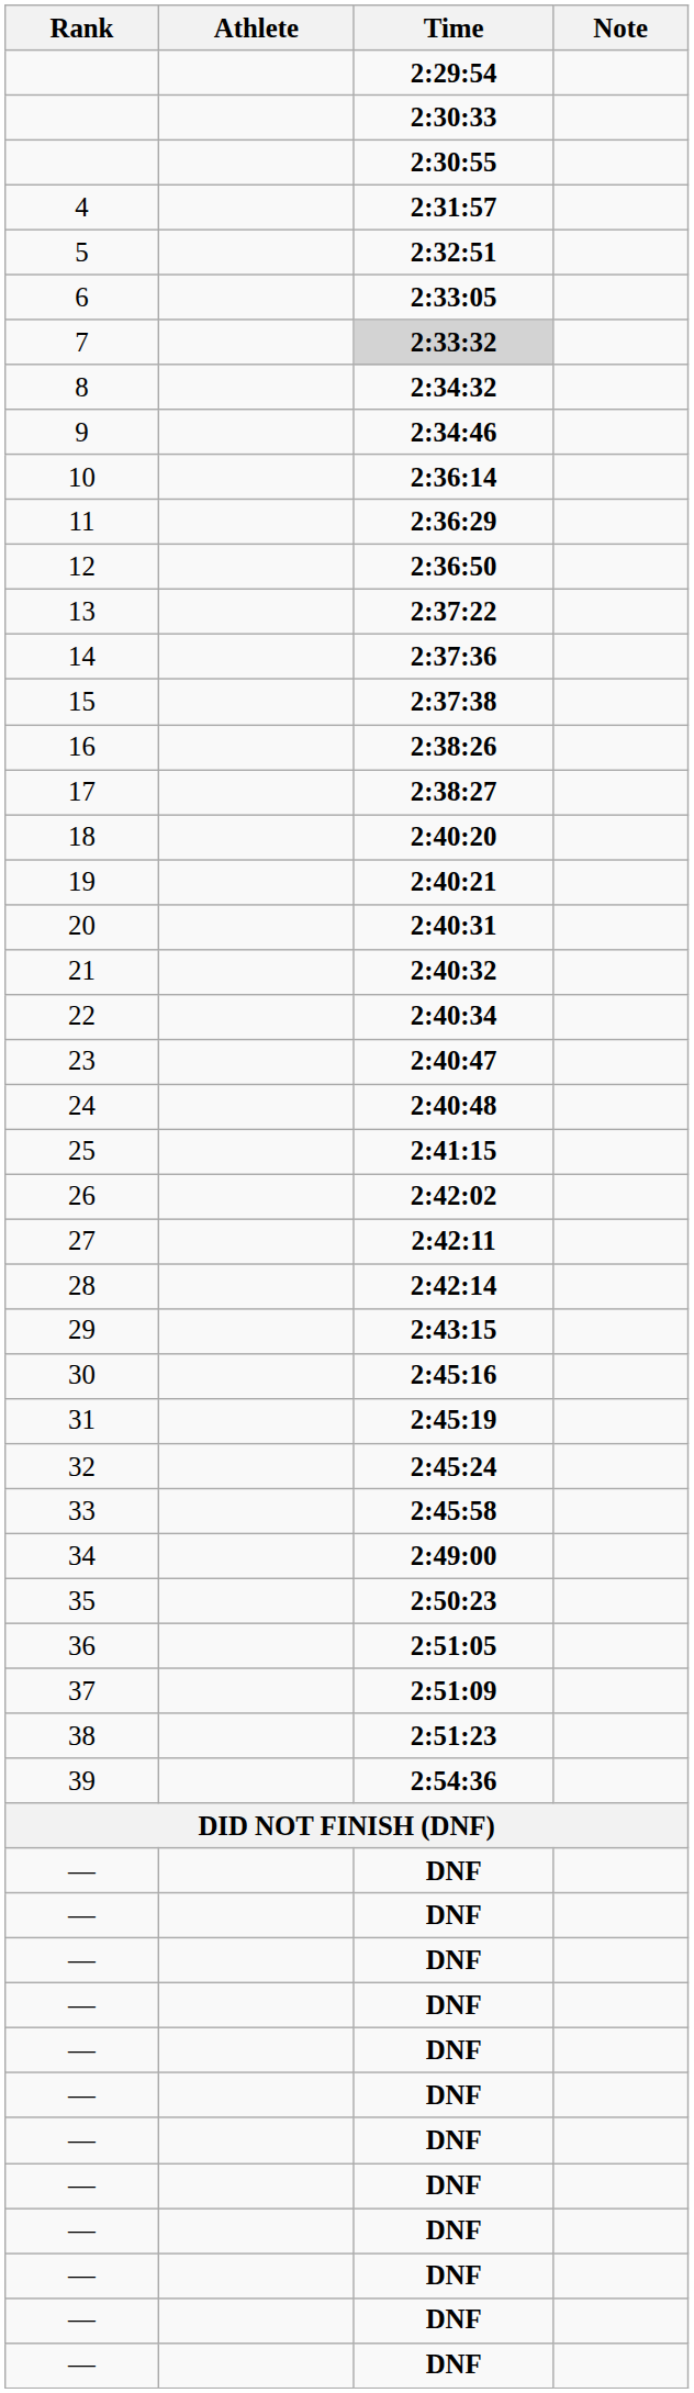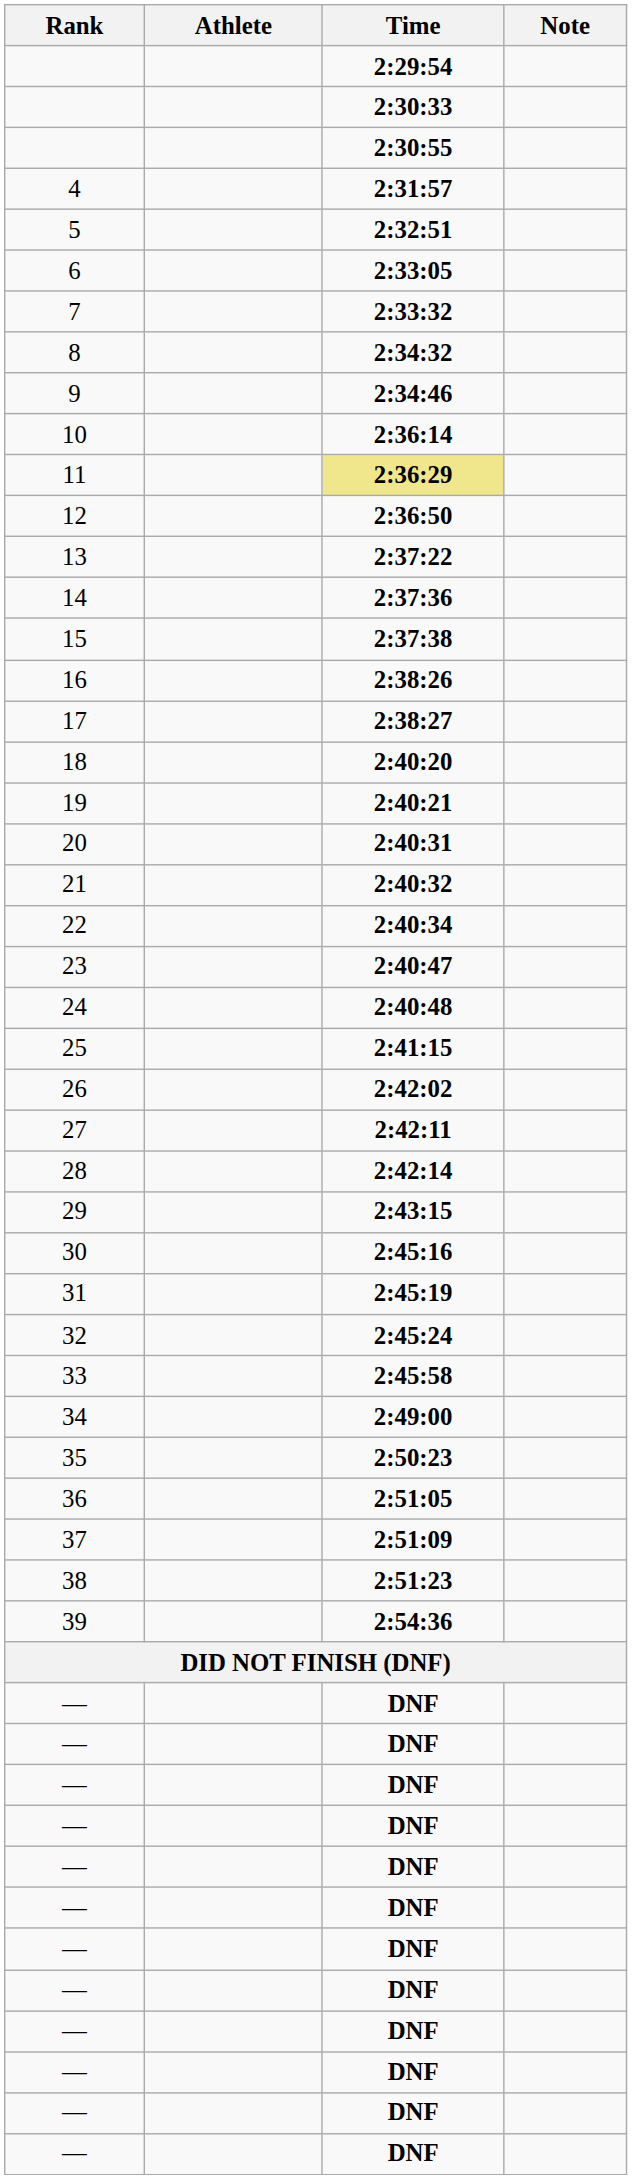 <table class="wikitable" style=" text-align:center; font-size:110%;" width="50%">
 <tr>
 <th>Rank</th>
 <th>Athlete</th>
 <th>Time</th>
 <th>Note</th>
 </tr>
 <tr>
 <td></td>
 <td align=left></td>
 <td><strong>2:29:54</strong></td>
 <td></td>
 </tr>
 <tr>
 <td></td>
 <td align=left></td>
 <td><strong>2:30:33</strong></td>
 <td></td>
 </tr>
 <tr>
 <td></td>
 <td align=left></td>
 <td><strong>2:30:55</strong></td>
 <td></td>
 </tr>
 <tr>
 <td>4</td>
 <td align=left></td>
 <td><strong>2:31:57</strong></td>
 <td></td>
 </tr>
 <tr>
 <td>5</td>
 <td align=left></td>
 <td><strong>2:32:51</strong></td>
 <td></td>
 </tr>
 <tr>
 <td>6</td>
 <td align=left></td>
 <td><strong>2:33:05</strong></td>
 <td></td>
 </tr>
 <tr>
 <td>7</td>
 <td align=left></td>
-<td style="background: lightgrey;"><strong>2:33:32</strong></td>
+<td><strong>2:33:32</strong></td>
 <td></td>
 </tr>
 <tr>
 <td>8</td>
 <td align=left></td>
 <td><strong>2:34:32</strong></td>
 <td></td>
 </tr>
 <tr>
 <td>9</td>
 <td align=left></td>
 <td><strong>2:34:46</strong></td>
 <td></td>
 </tr>
 <tr>
 <td>10</td>
 <td align=left></td>
 <td><strong>2:36:14</strong></td>
 <td></td>
 </tr>
 <tr>
 <td>11</td>
 <td align=left></td>
-<td><strong>2:36:29</strong></td>
+<td style="background: khaki;"><strong>2:36:29</strong></td>
 <td></td>
 </tr>
 <tr>
 <td>12</td>
 <td align=left></td>
 <td><strong>2:36:50</strong></td>
 <td></td>
 </tr>
 <tr>
 <td>13</td>
 <td align=left></td>
 <td><strong>2:37:22</strong></td>
 <td></td>
 </tr>
 <tr>
 <td>14</td>
 <td align=left></td>
 <td><strong>2:37:36</strong></td>
 <td></td>
 </tr>
 <tr>
 <td>15</td>
 <td align=left></td>
 <td><strong>2:37:38</strong></td>
 <td></td>
 </tr>
 <tr>
 <td>16</td>
 <td align=left></td>
 <td><strong>2:38:26</strong></td>
 <td></td>
 </tr>
 <tr>
 <td>17</td>
 <td align=left></td>
 <td><strong>2:38:27</strong></td>
 <td></td>
 </tr>
 <tr>
 <td>18</td>
 <td align=left></td>
 <td><strong>2:40:20</strong></td>
 <td></td>
 </tr>
 <tr>
 <td>19</td>
 <td align=left></td>
 <td><strong>2:40:21</strong></td>
 <td></td>
 </tr>
 <tr>
 <td>20</td>
 <td align=left></td>
 <td><strong>2:40:31</strong></td>
 <td></td>
 </tr>
 <tr>
 <td>21</td>
 <td align=left></td>
 <td><strong>2:40:32</strong></td>
 <td></td>
 </tr>
 <tr>
 <td>22</td>
 <td align=left></td>
 <td><strong>2:40:34</strong></td>
 <td></td>
 </tr>
 <tr>
 <td>23</td>
 <td align=left></td>
 <td><strong>2:40:47</strong></td>
 <td></td>
 </tr>
 <tr>
 <td>24</td>
 <td align=left></td>
 <td><strong>2:40:48</strong></td>
 <td></td>
 </tr>
 <tr>
 <td>25</td>
 <td align=left></td>
 <td><strong>2:41:15</strong></td>
 <td></td>
 </tr>
 <tr>
 <td>26</td>
 <td align=left></td>
 <td><strong>2:42:02</strong></td>
 <td></td>
 </tr>
 <tr>
 <td>27</td>
 <td align=left></td>
 <td><strong>2:42:11</strong></td>
 <td></td>
 </tr>
 <tr>
 <td>28</td>
 <td align=left></td>
 <td><strong>2:42:14</strong></td>
 <td></td>
 </tr>
 <tr>
 <td>29</td>
 <td align=left></td>
 <td><strong>2:43:15</strong></td>
 <td></td>
 </tr>
 <tr>
 <td>30</td>
 <td align=left></td>
 <td><strong>2:45:16</strong></td>
 <td></td>
 </tr>
 <tr>
 <td>31</td>
 <td align=left></td>
 <td><strong>2:45:19</strong></td>
 <td></td>
 </tr>
 <tr>
 <td>32</td>
 <td align=left></td>
 <td><strong>2:45:24</strong></td>
 <td></td>
 </tr>
 <tr>
 <td>33</td>
 <td align=left></td>
 <td><strong>2:45:58</strong></td>
 <td></td>
 </tr>
 <tr>
 <td>34</td>
 <td align=left></td>
 <td><strong>2:49:00</strong></td>
 <td></td>
 </tr>
 <tr>
 <td>35</td>
 <td align=left></td>
 <td><strong>2:50:23</strong></td>
 <td></td>
 </tr>
 <tr>
 <td>36</td>
 <td align=left></td>
 <td><strong>2:51:05</strong></td>
 <td></td>
 </tr>
 <tr>
 <td>37</td>
 <td align=left></td>
 <td><strong>2:51:09</strong></td>
 <td></td>
 </tr>
 <tr>
 <td>38</td>
 <td align=left></td>
 <td><strong>2:51:23</strong></td>
 <td></td>
 </tr>
 <tr>
 <td>39</td>
 <td align=left></td>
 <td><strong>2:54:36</strong></td>
 <td></td>
 </tr>
 <tr>
 <th colspan="4">DID NOT FINISH (DNF)</th>
 </tr>
 <tr>
 <td>—</td>
 <td align=left></td>
 <td><strong>DNF</strong></td>
 <td></td>
 </tr>
 <tr>
 <td>—</td>
 <td align=left></td>
 <td><strong>DNF</strong></td>
 <td></td>
 </tr>
 <tr>
 <td>—</td>
 <td align=left></td>
 <td><strong>DNF</strong></td>
 <td></td>
 </tr>
 <tr>
 <td>—</td>
 <td align=left></td>
 <td><strong>DNF</strong></td>
 <td></td>
 </tr>
 <tr>
 <td>—</td>
 <td align=left></td>
 <td><strong>DNF</strong></td>
 <td></td>
 </tr>
 <tr>
 <td>—</td>
 <td align=left></td>
 <td><strong>DNF</strong></td>
 <td></td>
 </tr>
 <tr>
 <td>—</td>
 <td align=left></td>
 <td><strong>DNF</strong></td>
 <td></td>
 </tr>
 <tr>
 <td>—</td>
 <td align=left></td>
 <td><strong>DNF</strong></td>
 <td></td>
 </tr>
 <tr>
 <td>—</td>
 <td align=left></td>
 <td><strong>DNF</strong></td>
 <td></td>
 </tr>
 <tr>
 <td>—</td>
 <td align=left></td>
 <td><strong>DNF</strong></td>
 <td></td>
 </tr>
 <tr>
 <td>—</td>
 <td align=left></td>
 <td><strong>DNF</strong></td>
 <td></td>
 </tr>
 <tr>
 <td>—</td>
 <td align=left></td>
 <td><strong>DNF</strong></td>
 <td></td>
 </tr>
 </table>
